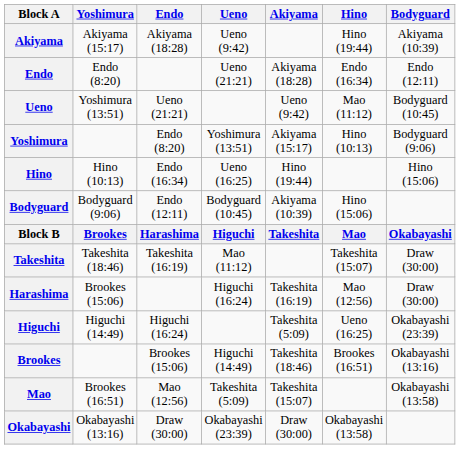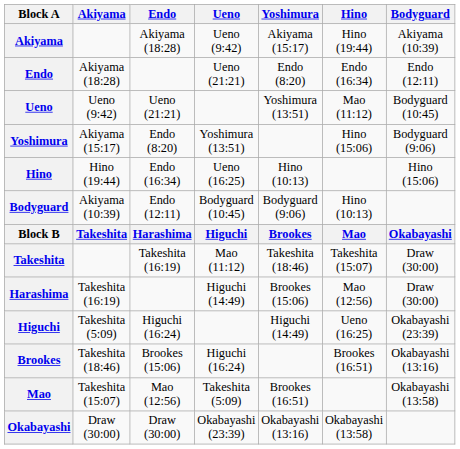 <table class="wikitable" style="margin: 1em auto 1em auto">
 <tr align="center">
 <th>Block A</th>
-<th><a href='#'>Yoshimura</a></th>
+<th><a href='#'>Akiyama</a></th>
 <th><a href='#'>Endo</a></th>
 <th><a href='#'>Ueno</a></th>
-<th><a href='#'>Akiyama</a></th>
+<th><a href='#'>Yoshimura</a></th>
 <th><a href='#'>Hino</a></th>
 <th><a href='#'>Bodyguard</a></th>
 </tr>
 <tr align="center">
 <th><a href='#'>Akiyama</a></th>
-<td>Akiyama<br>(15:17)</td>
+<td></td>
 <td>Akiyama<br>(18:28)</td>
 <td>Ueno<br>(9:42)</td>
-<td></td>
+<td>Akiyama<br>(15:17)</td>
 <td>Hino<br>(19:44)</td>
 <td>Akiyama<br>(10:39)</td>
 </tr>
 <tr align="center">
 <th><a href='#'>Endo</a></th>
-<td>Endo<br>(8:20)</td>
+<td>Akiyama<br>(18:28)</td>
 <td></td>
 <td>Ueno<br>(21:21)</td>
-<td>Akiyama<br>(18:28)</td>
+<td>Endo<br>(8:20)</td>
 <td>Endo<br>(16:34)</td>
 <td>Endo<br>(12:11)</td>
 </tr>
 <tr align="center">
 <th><a href='#'>Ueno</a></th>
-<td>Yoshimura<br>(13:51)</td>
+<td>Ueno<br>(9:42)</td>
 <td>Ueno<br>(21:21)</td>
 <td></td>
-<td>Ueno<br>(9:42)</td>
+<td>Yoshimura<br>(13:51)</td>
 <td>Mao<br>(11:12)</td>
 <td>Bodyguard<br>(10:45)</td>
 </tr>
 <tr align="center">
 <th><a href='#'>Yoshimura</a></th>
-<td></td>
+<td>Akiyama<br>(15:17)</td>
 <td>Endo<br>(8:20)</td>
 <td>Yoshimura<br>(13:51)</td>
-<td>Akiyama<br>(15:17)</td>
-<td>Hino<br>(10:13)</td>
+<td></td>
+<td>Hino<br>(15:06)</td>
 <td>Bodyguard<br>(9:06)</td>
 </tr>
 <tr align="center">
 <th><a href='#'>Hino</a></th>
-<td>Hino<br>(10:13)</td>
+<td>Hino<br>(19:44)</td>
 <td>Endo<br>(16:34)</td>
 <td>Ueno<br>(16:25)</td>
-<td>Hino<br>(19:44)</td>
+<td>Hino<br>(10:13)</td>
 <td></td>
 <td>Hino<br>(15:06)</td>
 </tr>
 <tr align="center">
 <th><a href='#'>Bodyguard</a></th>
-<td>Bodyguard<br>(9:06)</td>
+<td>Akiyama<br>(10:39)</td>
 <td>Endo<br>(12:11)</td>
 <td>Bodyguard<br>(10:45)</td>
-<td>Akiyama<br>(10:39)</td>
-<td>Hino<br>(15:06)</td>
+<td>Bodyguard<br>(9:06)</td>
+<td>Hino<br>(10:13)</td>
 <td></td>
 </tr>
 <tr align="center">
 <th>Block B</th>
-<th><a href='#'>Brookes</a></th>
+<th><a href='#'>Takeshita</a></th>
 <th><a href='#'>Harashima</a></th>
 <th><a href='#'>Higuchi</a></th>
-<th><a href='#'>Takeshita</a></th>
+<th><a href='#'>Brookes</a></th>
 <th><a href='#'>Mao</a></th>
 <th><a href='#'>Okabayashi</a></th>
 </tr>
 <tr align="center">
 <th><a href='#'>Takeshita</a></th>
-<td>Takeshita<br>(18:46)</td>
+<td></td>
 <td>Takeshita<br>(16:19)</td>
 <td>Mao<br>(11:12)</td>
-<td></td>
+<td>Takeshita<br>(18:46)</td>
 <td>Takeshita<br>(15:07)</td>
 <td>Draw<br>(30:00)</td>
 </tr>
 <tr align="center">
 <th><a href='#'>Harashima</a></th>
+<td>Takeshita<br>(16:19)</td>
+<td></td>
+<td>Higuchi<br>(14:49)</td>
 <td>Brookes<br>(15:06)</td>
-<td></td>
-<td>Higuchi<br>(16:24)</td>
-<td>Takeshita<br>(16:19)</td>
 <td>Mao<br>(12:56)</td>
 <td>Draw<br>(30:00)</td>
 </tr>
 <tr align="center">
 <th><a href='#'>Higuchi</a></th>
-<td>Higuchi<br>(14:49)</td>
+<td>Takeshita<br>(5:09)</td>
 <td>Higuchi<br>(16:24)</td>
 <td></td>
-<td>Takeshita<br>(5:09)</td>
+<td>Higuchi<br>(14:49)</td>
 <td>Ueno<br>(16:25)</td>
 <td>Okabayashi<br>(23:39)</td>
 </tr>
 <tr align="center">
 <th><a href='#'>Brookes</a></th>
+<td>Takeshita<br>(18:46)</td>
+<td>Brookes<br>(15:06)</td>
+<td>Higuchi<br>(16:24)</td>
 <td></td>
-<td>Brookes<br>(15:06)</td>
-<td>Higuchi<br>(14:49)</td>
-<td>Takeshita<br>(18:46)</td>
 <td>Brookes<br>(16:51)</td>
 <td>Okabayashi<br>(13:16)</td>
 </tr>
 <tr align="center">
 <th><a href='#'>Mao</a></th>
-<td>Brookes<br>(16:51)</td>
+<td>Takeshita<br>(15:07)</td>
 <td>Mao<br>(12:56)</td>
 <td>Takeshita<br>(5:09)</td>
-<td>Takeshita<br>(15:07)</td>
+<td>Brookes<br>(16:51)</td>
 <td></td>
 <td>Okabayashi<br>(13:58)</td>
 </tr>
 <tr align="center">
 <th><a href='#'>Okabayashi</a></th>
-<td>Okabayashi<br>(13:16)</td>
+<td>Draw<br>(30:00)</td>
 <td>Draw<br>(30:00)</td>
 <td>Okabayashi<br>(23:39)</td>
-<td>Draw<br>(30:00)</td>
+<td>Okabayashi<br>(13:16)</td>
 <td>Okabayashi<br>(13:58)</td>
 <td></td>
 </tr>
 </table>
